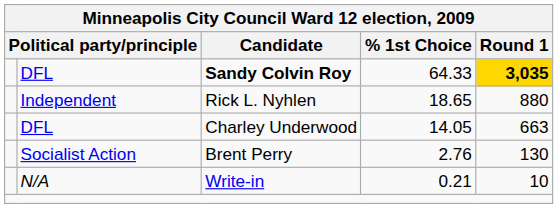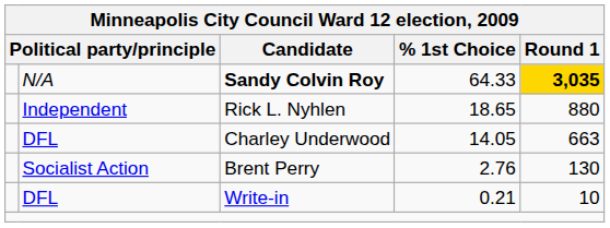 <table class="wikitable" style="font-size:95%">
 <tr>
 <th colspan="5">Minneapolis City Council Ward 12 election, 2009</th>
 </tr>
 <tr>
 <th colspan="2">Political party/principle</th>
 <th>Candidate</th>
 <th>% 1st Choice</th>
 <th>Round 1</th>
 </tr>
 <tr>
 <td style="background-color:"></td>
-<td><a href='#'>DFL</a></td>
+<td><em>N/A</em></td>
 <td><strong>Sandy Colvin Roy</strong></td>
 <td align="right">64.33</td>
 <td align="right" style="background: gold;"><strong>3,035</strong></td>
 </tr>
 <tr>
 <td style="background-color:"></td>
 <td><a href='#'>Independent</a></td>
 <td>Rick L. Nyhlen</td>
 <td align="right">18.65</td>
 <td align="right">880</td>
 </tr>
 <tr>
 <td style="background-color:"></td>
 <td><a href='#'>DFL</a></td>
 <td>Charley Underwood</td>
 <td align="right">14.05</td>
 <td align="right">663</td>
 </tr>
 <tr>
 <td style="background-color:"></td>
 <td><a href='#'>Socialist Action</a></td>
 <td>Brent Perry</td>
 <td align="right">2.76</td>
 <td align="right">130</td>
 </tr>
 <tr>
 <td style="background-color:"></td>
-<td><em>N/A</em></td>
+<td><a href='#'>DFL</a></td>
 <td><a href='#'>Write-in</a></td>
 <td align="right">0.21</td>
 <td align="right">10</td>
 </tr>
 <tr>
 <td colspan="5"></td>
 </tr>
 </table>
